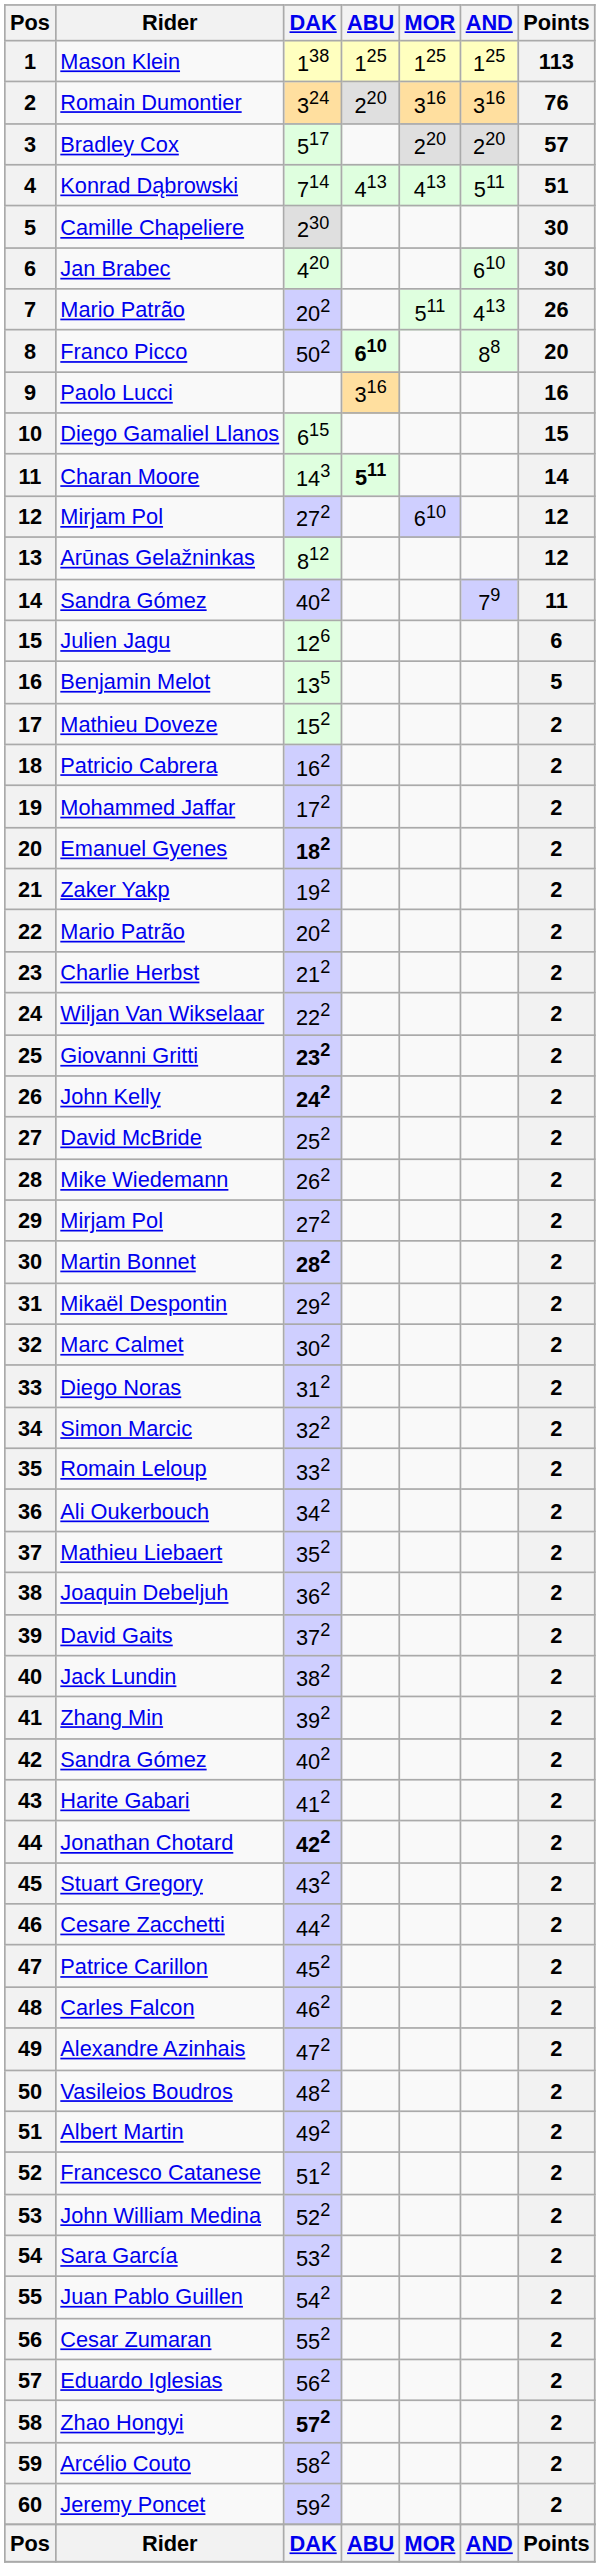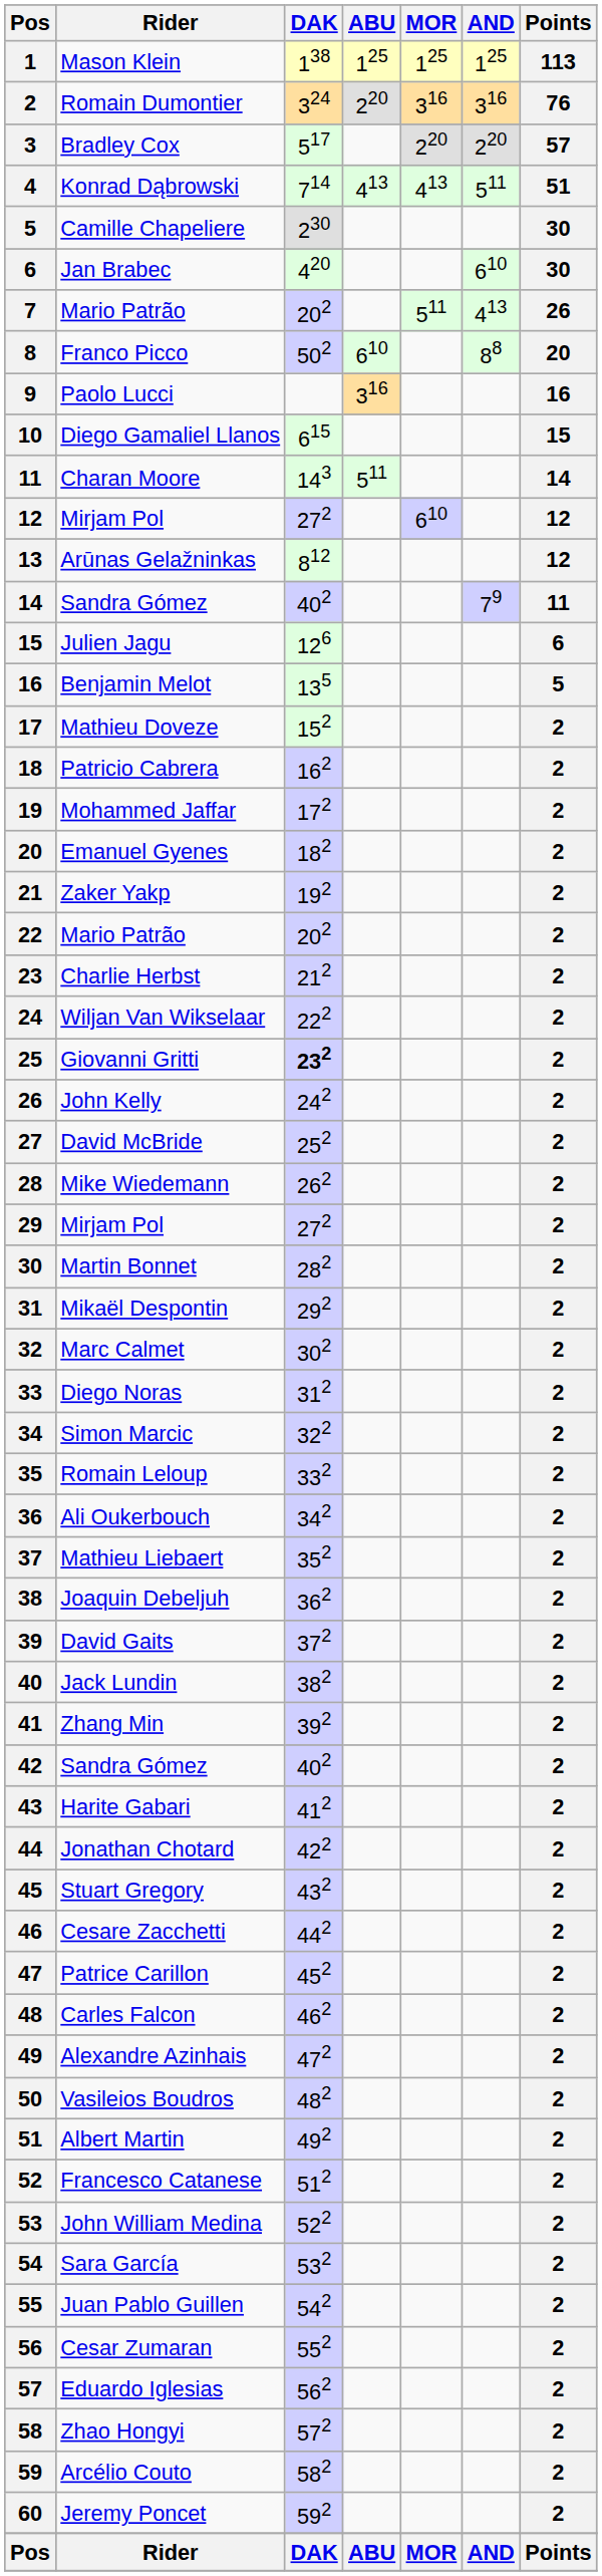 <table class="wikitable" style="font-size: 80%; text-align: center; display: inline-table;">
 <tr valign="top">
 <th valign="middle">Pos</th>
 <th valign="middle">Rider</th>
 <th><a href='#'>DAK</a><br></th>
 <th><a href='#'>ABU</a><br></th>
 <th><a href='#'>MOR</a><br></th>
 <th><a href='#'>AND</a><br></th>
 <th valign="middle">Points</th>
 </tr>
 <tr>
 <th>1</th>
 <td align=left> <a href='#'>Mason Klein</a></td>
 <td style="background:#ffffbf;">1<sup>38</sup></td>
 <td style="background:#ffffbf;">1<sup>25</sup></td>
 <td style="background:#ffffbf;">1<sup>25</sup></td>
 <td style="background:#ffffbf;">1<sup>25</sup></td>
 <th>113</th>
 </tr>
 <tr>
 <th>2</th>
 <td align=left> <a href='#'>Romain Dumontier</a></td>
 <td style="background:#ffdf9f;">3<sup>24</sup></td>
 <td style="background:#dfdfdf;">2<sup>20</sup></td>
 <td style="background:#ffdf9f;">3<sup>16</sup></td>
 <td style="background:#ffdf9f;">3<sup>16</sup></td>
 <th>76</th>
 </tr>
 <tr>
 <th>3</th>
 <td align=left> <a href='#'>Bradley Cox</a></td>
 <td style="background:#dfffdf;">5<sup>17</sup></td>
 <td></td>
 <td style="background:#dfdfdf;">2<sup>20</sup></td>
 <td style="background:#dfdfdf;">2<sup>20</sup></td>
 <th>57</th>
 </tr>
 <tr>
 <th>4</th>
 <td align=left> <a href='#'>Konrad Dąbrowski</a></td>
 <td style="background:#dfffdf;">7<sup>14</sup></td>
 <td style="background:#dfffdf;">4<sup>13</sup></td>
 <td style="background:#dfffdf;">4<sup>13</sup></td>
 <td style="background:#dfffdf;">5<sup>11</sup></td>
 <th>51</th>
 </tr>
 <tr>
 <th>5</th>
 <td align=left> <a href='#'>Camille Chapeliere</a></td>
 <td style="background:#dfdfdf;">2<sup>30</sup></td>
 <td></td>
 <td></td>
 <td></td>
 <th>30</th>
 </tr>
 <tr>
 <th>6</th>
 <td align=left> <a href='#'>Jan Brabec</a></td>
 <td style="background:#dfffdf;">4<sup>20</sup></td>
 <td></td>
 <td></td>
 <td style="background:#dfffdf;">6<sup>10</sup></td>
 <th>30</th>
 </tr>
 <tr>
 <th>7</th>
 <td align=left> <a href='#'>Mario Patrão</a></td>
 <td style="background:#cfcfff;">20<sup>2</sup></td>
 <td></td>
 <td style="background:#dfffdf;">5<sup>11</sup></td>
 <td style="background:#dfffdf;">4<sup>13</sup></td>
 <th>26</th>
 </tr>
 <tr>
 <th>8</th>
 <td align=left> <a href='#'>Franco Picco</a></td>
 <td style="background:#cfcfff;">50<sup>2</sup></td>
-<td style="background:#dfffdf;"><strong>6<sup>10</sup></strong></td>
+<td style="background:#dfffdf;">6<sup>10</sup></td>
 <td></td>
 <td style="background:#dfffdf;">8<sup>8</sup></td>
 <th>20</th>
 </tr>
 <tr>
 <th>9</th>
 <td align=left> <a href='#'>Paolo Lucci</a></td>
 <td></td>
 <td style="background:#ffdf9f;">3<sup>16</sup></td>
 <td></td>
 <td></td>
 <th>16</th>
 </tr>
 <tr>
 <th>10</th>
 <td align=left> <a href='#'>Diego Gamaliel Llanos</a></td>
 <td style="background:#dfffdf;">6<sup>15</sup></td>
 <td></td>
 <td></td>
 <td></td>
 <th>15</th>
 </tr>
 <tr>
 <th>11</th>
 <td align=left> <a href='#'>Charan Moore</a></td>
 <td style="background:#dfffdf;">14<sup>3</sup></td>
-<td style="background:#dfffdf;"><strong>5<sup>11</sup></strong></td>
+<td style="background:#dfffdf;">5<sup>11</sup></td>
 <td></td>
 <td></td>
 <th>14</th>
 </tr>
 <tr>
 <th>12</th>
 <td align=left> <a href='#'>Mirjam Pol</a></td>
 <td style="background:#cfcfff;">27<sup>2</sup></td>
 <td></td>
 <td style="background:#cfcfff;">6<sup>10</sup></td>
 <td></td>
 <th>12</th>
 </tr>
 <tr>
 <th>13</th>
 <td align=left> <a href='#'>Arūnas Gelažninkas</a></td>
 <td style="background:#dfffdf;">8<sup>12</sup></td>
 <td></td>
 <td></td>
 <td></td>
 <th>12</th>
 </tr>
 <tr>
 <th>14</th>
 <td align=left> <a href='#'>Sandra Gómez</a></td>
 <td style="background:#cfcfff;">40<sup>2</sup></td>
 <td></td>
 <td></td>
 <td style="background:#cfcfff;">7<sup>9</sup></td>
 <th>11</th>
 </tr>
 <tr>
 <th>15</th>
 <td align=left> <a href='#'>Julien Jagu</a></td>
 <td style="background:#dfffdf;">12<sup>6</sup></td>
 <td></td>
 <td></td>
 <td></td>
 <th>6</th>
 </tr>
 <tr>
 <th>16</th>
 <td align=left> <a href='#'>Benjamin Melot</a></td>
 <td style="background:#dfffdf;">13<sup>5</sup></td>
 <td></td>
 <td></td>
 <td></td>
 <th>5</th>
 </tr>
 <tr>
 <th>17</th>
 <td align=left> <a href='#'>Mathieu Doveze</a></td>
 <td style="background:#dfffdf;">15<sup>2</sup></td>
 <td></td>
 <td></td>
 <td></td>
 <th>2</th>
 </tr>
 <tr>
 <th>18</th>
 <td align=left> <a href='#'>Patricio Cabrera</a></td>
 <td style="background:#cfcfff;">16<sup>2</sup></td>
 <td></td>
 <td></td>
 <td></td>
 <th>2</th>
 </tr>
 <tr>
 <th>19</th>
 <td align=left> <a href='#'>Mohammed Jaffar</a></td>
 <td style="background:#cfcfff;">17<sup>2</sup></td>
 <td></td>
 <td></td>
 <td></td>
 <th>2</th>
 </tr>
 <tr>
 <th>20</th>
 <td align=left> <a href='#'>Emanuel Gyenes</a></td>
-<td style="background:#cfcfff;"><strong>18<sup>2</sup></strong></td>
+<td style="background:#cfcfff;">18<sup>2</sup></td>
 <td></td>
 <td></td>
 <td></td>
 <th>2</th>
 </tr>
 <tr>
 <th>21</th>
 <td align=left> <a href='#'>Zaker Yakp</a></td>
 <td style="background:#cfcfff;">19<sup>2</sup></td>
 <td></td>
 <td></td>
 <td></td>
 <th>2</th>
 </tr>
 <tr>
 <th>22</th>
 <td align=left> <a href='#'>Mario Patrão</a></td>
 <td style="background:#cfcfff;">20<sup>2</sup></td>
 <td></td>
 <td></td>
 <td></td>
 <th>2</th>
 </tr>
 <tr>
 <th>23</th>
 <td align=left> <a href='#'>Charlie Herbst</a></td>
 <td style="background:#cfcfff;">21<sup>2</sup></td>
 <td></td>
 <td></td>
 <td></td>
 <th>2</th>
 </tr>
 <tr>
 <th>24</th>
 <td align=left> <a href='#'>Wiljan Van Wikselaar</a></td>
 <td style="background:#cfcfff;">22<sup>2</sup></td>
 <td></td>
 <td></td>
 <td></td>
 <th>2</th>
 </tr>
 <tr>
 <th>25</th>
 <td align=left> <a href='#'>Giovanni Gritti</a></td>
 <td style="background:#cfcfff;"><strong>23<sup>2</sup></strong></td>
 <td></td>
 <td></td>
 <td></td>
 <th>2</th>
 </tr>
 <tr>
 <th>26</th>
 <td align=left> <a href='#'>John Kelly</a></td>
-<td style="background:#cfcfff;"><strong>24<sup>2</sup></strong></td>
+<td style="background:#cfcfff;">24<sup>2</sup></td>
 <td></td>
 <td></td>
 <td></td>
 <th>2</th>
 </tr>
 <tr>
 <th>27</th>
 <td align=left> <a href='#'>David McBride</a></td>
 <td style="background:#cfcfff;">25<sup>2</sup></td>
 <td></td>
 <td></td>
 <td></td>
 <th>2</th>
 </tr>
 <tr>
 <th>28</th>
 <td align=left> <a href='#'>Mike Wiedemann</a></td>
 <td style="background:#cfcfff;">26<sup>2</sup></td>
 <td></td>
 <td></td>
 <td></td>
 <th>2</th>
 </tr>
 <tr>
 <th>29</th>
 <td align=left> <a href='#'>Mirjam Pol</a></td>
 <td style="background:#cfcfff;">27<sup>2</sup></td>
 <td></td>
 <td></td>
 <td></td>
 <th>2</th>
 </tr>
 <tr>
 <th>30</th>
 <td align=left> <a href='#'>Martin Bonnet</a></td>
-<td style="background:#cfcfff;"><strong>28<sup>2</sup></strong></td>
+<td style="background:#cfcfff;">28<sup>2</sup></td>
 <td></td>
 <td></td>
 <td></td>
 <th>2</th>
 </tr>
 <tr>
 <th>31</th>
 <td align=left> <a href='#'>Mikaël Despontin</a></td>
 <td style="background:#cfcfff;">29<sup>2</sup></td>
 <td></td>
 <td></td>
 <td></td>
 <th>2</th>
 </tr>
 <tr>
 <th>32</th>
 <td align=left> <a href='#'>Marc Calmet</a></td>
 <td style="background:#cfcfff;">30<sup>2</sup></td>
 <td></td>
 <td></td>
 <td></td>
 <th>2</th>
 </tr>
 <tr>
 <th>33</th>
 <td align=left> <a href='#'>Diego Noras</a></td>
 <td style="background:#cfcfff;">31<sup>2</sup></td>
 <td></td>
 <td></td>
 <td></td>
 <th>2</th>
 </tr>
 <tr>
 <th>34</th>
 <td align=left> <a href='#'>Simon Marcic</a></td>
 <td style="background:#cfcfff;">32<sup>2</sup></td>
 <td></td>
 <td></td>
 <td></td>
 <th>2</th>
 </tr>
 <tr>
 <th>35</th>
 <td align=left> <a href='#'>Romain Leloup</a></td>
 <td style="background:#cfcfff;">33<sup>2</sup></td>
 <td></td>
 <td></td>
 <td></td>
 <th>2</th>
 </tr>
 <tr>
 <th>36</th>
 <td align=left> <a href='#'>Ali Oukerbouch</a></td>
 <td style="background:#cfcfff;">34<sup>2</sup></td>
 <td></td>
 <td></td>
 <td></td>
 <th>2</th>
 </tr>
 <tr>
 <th>37</th>
 <td align=left> <a href='#'>Mathieu Liebaert</a></td>
 <td style="background:#cfcfff;">35<sup>2</sup></td>
 <td></td>
 <td></td>
 <td></td>
 <th>2</th>
 </tr>
 <tr>
 <th>38</th>
 <td align=left> <a href='#'>Joaquin Debeljuh</a></td>
 <td style="background:#cfcfff;">36<sup>2</sup></td>
 <td></td>
 <td></td>
 <td></td>
 <th>2</th>
 </tr>
 <tr>
 <th>39</th>
 <td align=left> <a href='#'>David Gaits</a></td>
 <td style="background:#cfcfff;">37<sup>2</sup></td>
 <td></td>
 <td></td>
 <td></td>
 <th>2</th>
 </tr>
 <tr>
 <th>40</th>
 <td align=left> <a href='#'>Jack Lundin</a></td>
 <td style="background:#cfcfff;">38<sup>2</sup></td>
 <td></td>
 <td></td>
 <td></td>
 <th>2</th>
 </tr>
 <tr>
 <th>41</th>
 <td align=left> <a href='#'>Zhang Min</a></td>
 <td style="background:#cfcfff;">39<sup>2</sup></td>
 <td></td>
 <td></td>
 <td></td>
 <th>2</th>
 </tr>
 <tr>
 <th>42</th>
 <td align=left> <a href='#'>Sandra Gómez</a></td>
 <td style="background:#cfcfff;">40<sup>2</sup></td>
 <td></td>
 <td></td>
 <td></td>
 <th>2</th>
 </tr>
 <tr>
 <th>43</th>
 <td align=left> <a href='#'>Harite Gabari</a></td>
 <td style="background:#cfcfff;">41<sup>2</sup></td>
 <td></td>
 <td></td>
 <td></td>
 <th>2</th>
 </tr>
 <tr>
 <th>44</th>
 <td align=left> <a href='#'>Jonathan Chotard</a></td>
-<td style="background:#cfcfff;"><strong>42<sup>2</sup></strong></td>
+<td style="background:#cfcfff;">42<sup>2</sup></td>
 <td></td>
 <td></td>
 <td></td>
 <th>2</th>
 </tr>
 <tr>
 <th>45</th>
 <td align=left> <a href='#'>Stuart Gregory</a></td>
 <td style="background:#cfcfff;">43<sup>2</sup></td>
 <td></td>
 <td></td>
 <td></td>
 <th>2</th>
 </tr>
 <tr>
 <th>46</th>
 <td align=left> <a href='#'>Cesare Zacchetti</a></td>
 <td style="background:#cfcfff;">44<sup>2</sup></td>
 <td></td>
 <td></td>
 <td></td>
 <th>2</th>
 </tr>
 <tr>
 <th>47</th>
 <td align=left> <a href='#'>Patrice Carillon</a></td>
 <td style="background:#cfcfff;">45<sup>2</sup></td>
 <td></td>
 <td></td>
 <td></td>
 <th>2</th>
 </tr>
 <tr>
 <th>48</th>
 <td align=left> <a href='#'>Carles Falcon</a></td>
 <td style="background:#cfcfff;">46<sup>2</sup></td>
 <td></td>
 <td></td>
 <td></td>
 <th>2</th>
 </tr>
 <tr>
 <th>49</th>
 <td align=left> <a href='#'>Alexandre Azinhais</a></td>
 <td style="background:#cfcfff;">47<sup>2</sup></td>
 <td></td>
 <td></td>
 <td></td>
 <th>2</th>
 </tr>
 <tr>
 <th>50</th>
 <td align=left> <a href='#'>Vasileios Boudros</a></td>
 <td style="background:#cfcfff;">48<sup>2</sup></td>
 <td></td>
 <td></td>
 <td></td>
 <th>2</th>
 </tr>
 <tr>
 <th>51</th>
 <td align=left> <a href='#'>Albert Martin</a></td>
 <td style="background:#cfcfff;">49<sup>2</sup></td>
 <td></td>
 <td></td>
 <td></td>
 <th>2</th>
 </tr>
 <tr>
 <th>52</th>
 <td align=left> <a href='#'>Francesco Catanese</a></td>
 <td style="background:#cfcfff;">51<sup>2</sup></td>
 <td></td>
 <td></td>
 <td></td>
 <th>2</th>
 </tr>
 <tr>
 <th>53</th>
 <td align=left> <a href='#'>John William Medina</a></td>
 <td style="background:#cfcfff;">52<sup>2</sup></td>
 <td></td>
 <td></td>
 <td></td>
 <th>2</th>
 </tr>
 <tr>
 <th>54</th>
 <td align=left> <a href='#'>Sara García</a></td>
 <td style="background:#cfcfff;">53<sup>2</sup></td>
 <td></td>
 <td></td>
 <td></td>
 <th>2</th>
 </tr>
 <tr>
 <th>55</th>
 <td align=left> <a href='#'>Juan Pablo Guillen</a></td>
 <td style="background:#cfcfff;">54<sup>2</sup></td>
 <td></td>
 <td></td>
 <td></td>
 <th>2</th>
 </tr>
 <tr>
 <th>56</th>
 <td align=left> <a href='#'>Cesar Zumaran</a></td>
 <td style="background:#cfcfff;">55<sup>2</sup></td>
 <td></td>
 <td></td>
 <td></td>
 <th>2</th>
 </tr>
 <tr>
 <th>57</th>
 <td align=left> <a href='#'>Eduardo Iglesias</a></td>
 <td style="background:#cfcfff;">56<sup>2</sup></td>
 <td></td>
 <td></td>
 <td></td>
 <th>2</th>
 </tr>
 <tr>
 <th>58</th>
 <td align=left> <a href='#'>Zhao Hongyi</a></td>
-<td style="background:#cfcfff;"><strong>57<sup>2</sup></strong></td>
+<td style="background:#cfcfff;">57<sup>2</sup></td>
 <td></td>
 <td></td>
 <td></td>
 <th>2</th>
 </tr>
 <tr>
 <th>59</th>
 <td align=left> <a href='#'>Arcélio Couto</a></td>
 <td style="background:#cfcfff;">58<sup>2</sup></td>
 <td></td>
 <td></td>
 <td></td>
 <th>2</th>
 </tr>
 <tr>
 <th>60</th>
 <td align=left> <a href='#'>Jeremy Poncet</a></td>
 <td style="background:#cfcfff;">59<sup>2</sup></td>
 <td></td>
 <td></td>
 <td></td>
 <th>2</th>
 </tr>
 <tr>
 </tr>
 <tr valign="top">
 <th valign="middle">Pos</th>
 <th valign="middle">Rider</th>
 <th><a href='#'>DAK</a><br></th>
 <th><a href='#'>ABU</a><br></th>
 <th><a href='#'>MOR</a><br></th>
 <th><a href='#'>AND</a><br></th>
 <th valign="middle">Points</th>
 </tr>
 <tr>
 </tr>
 </table>
